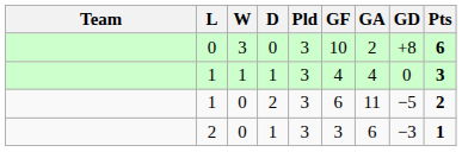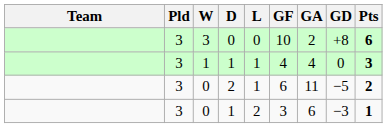 <table class="wikitable" style="text-align: center;">
 <tr>
 <th width="165">Team</th>
-<th width="20">L</th>
+<th width="20">Pld</th>
 <th width="20">W</th>
 <th width="20">D</th>
-<th width="20">Pld</th>
+<th width="20">L</th>
 <th width="20">GF</th>
 <th width="20">GA</th>
 <th width="20">GD</th>
 <th width="20">Pts</th>
 </tr>
 <tr bgcolor=#ccffcc>
 <td style="text-align:left;"></td>
-<td>0</td>
+<td>3</td>
 <td>3</td>
 <td>0</td>
-<td>3</td>
+<td>0</td>
 <td>10</td>
 <td>2</td>
 <td>+8</td>
 <td><strong>6</strong></td>
 </tr>
 <tr bgcolor=#ccffcc>
 <td style="text-align:left;"></td>
+<td>3</td>
 <td>1</td>
 <td>1</td>
 <td>1</td>
-<td>3</td>
 <td>4</td>
 <td>4</td>
 <td>0</td>
 <td><strong>3</strong></td>
 </tr>
 <tr>
 <td style="text-align:left;"></td>
-<td>1</td>
+<td>3</td>
 <td>0</td>
 <td>2</td>
-<td>3</td>
+<td>1</td>
 <td>6</td>
 <td>11</td>
 <td>−5</td>
 <td><strong>2</strong></td>
 </tr>
 <tr>
 <td style="text-align:left;"></td>
-<td>2</td>
+<td>3</td>
 <td>0</td>
 <td>1</td>
-<td>3</td>
+<td>2</td>
 <td>3</td>
 <td>6</td>
 <td>−3</td>
 <td><strong>1</strong></td>
 </tr>
 </table>
